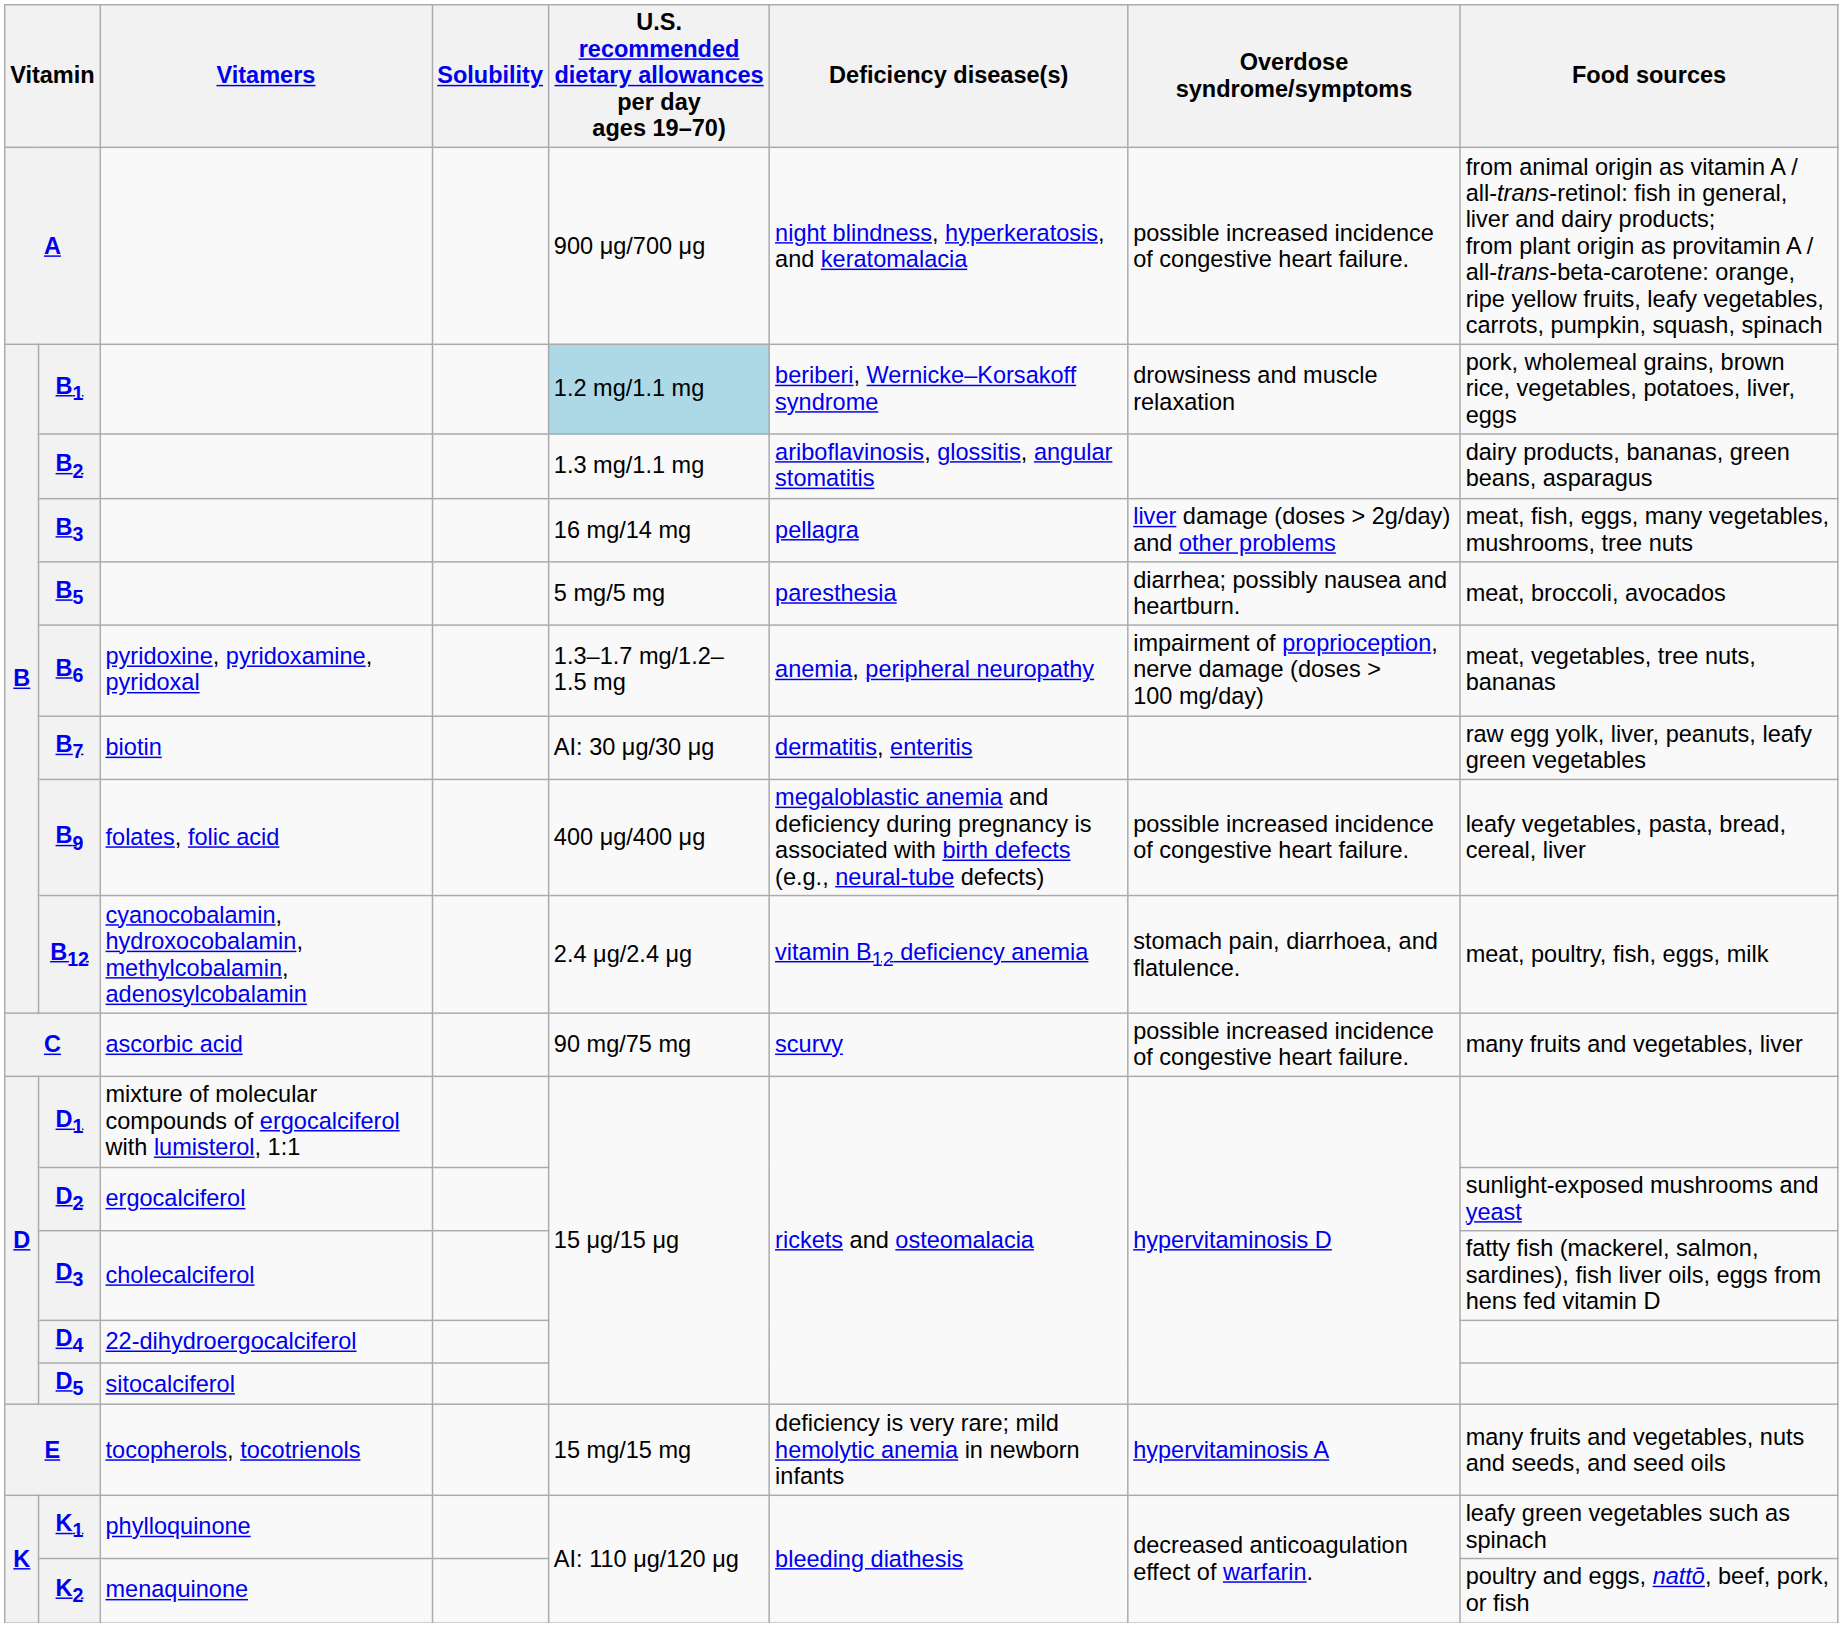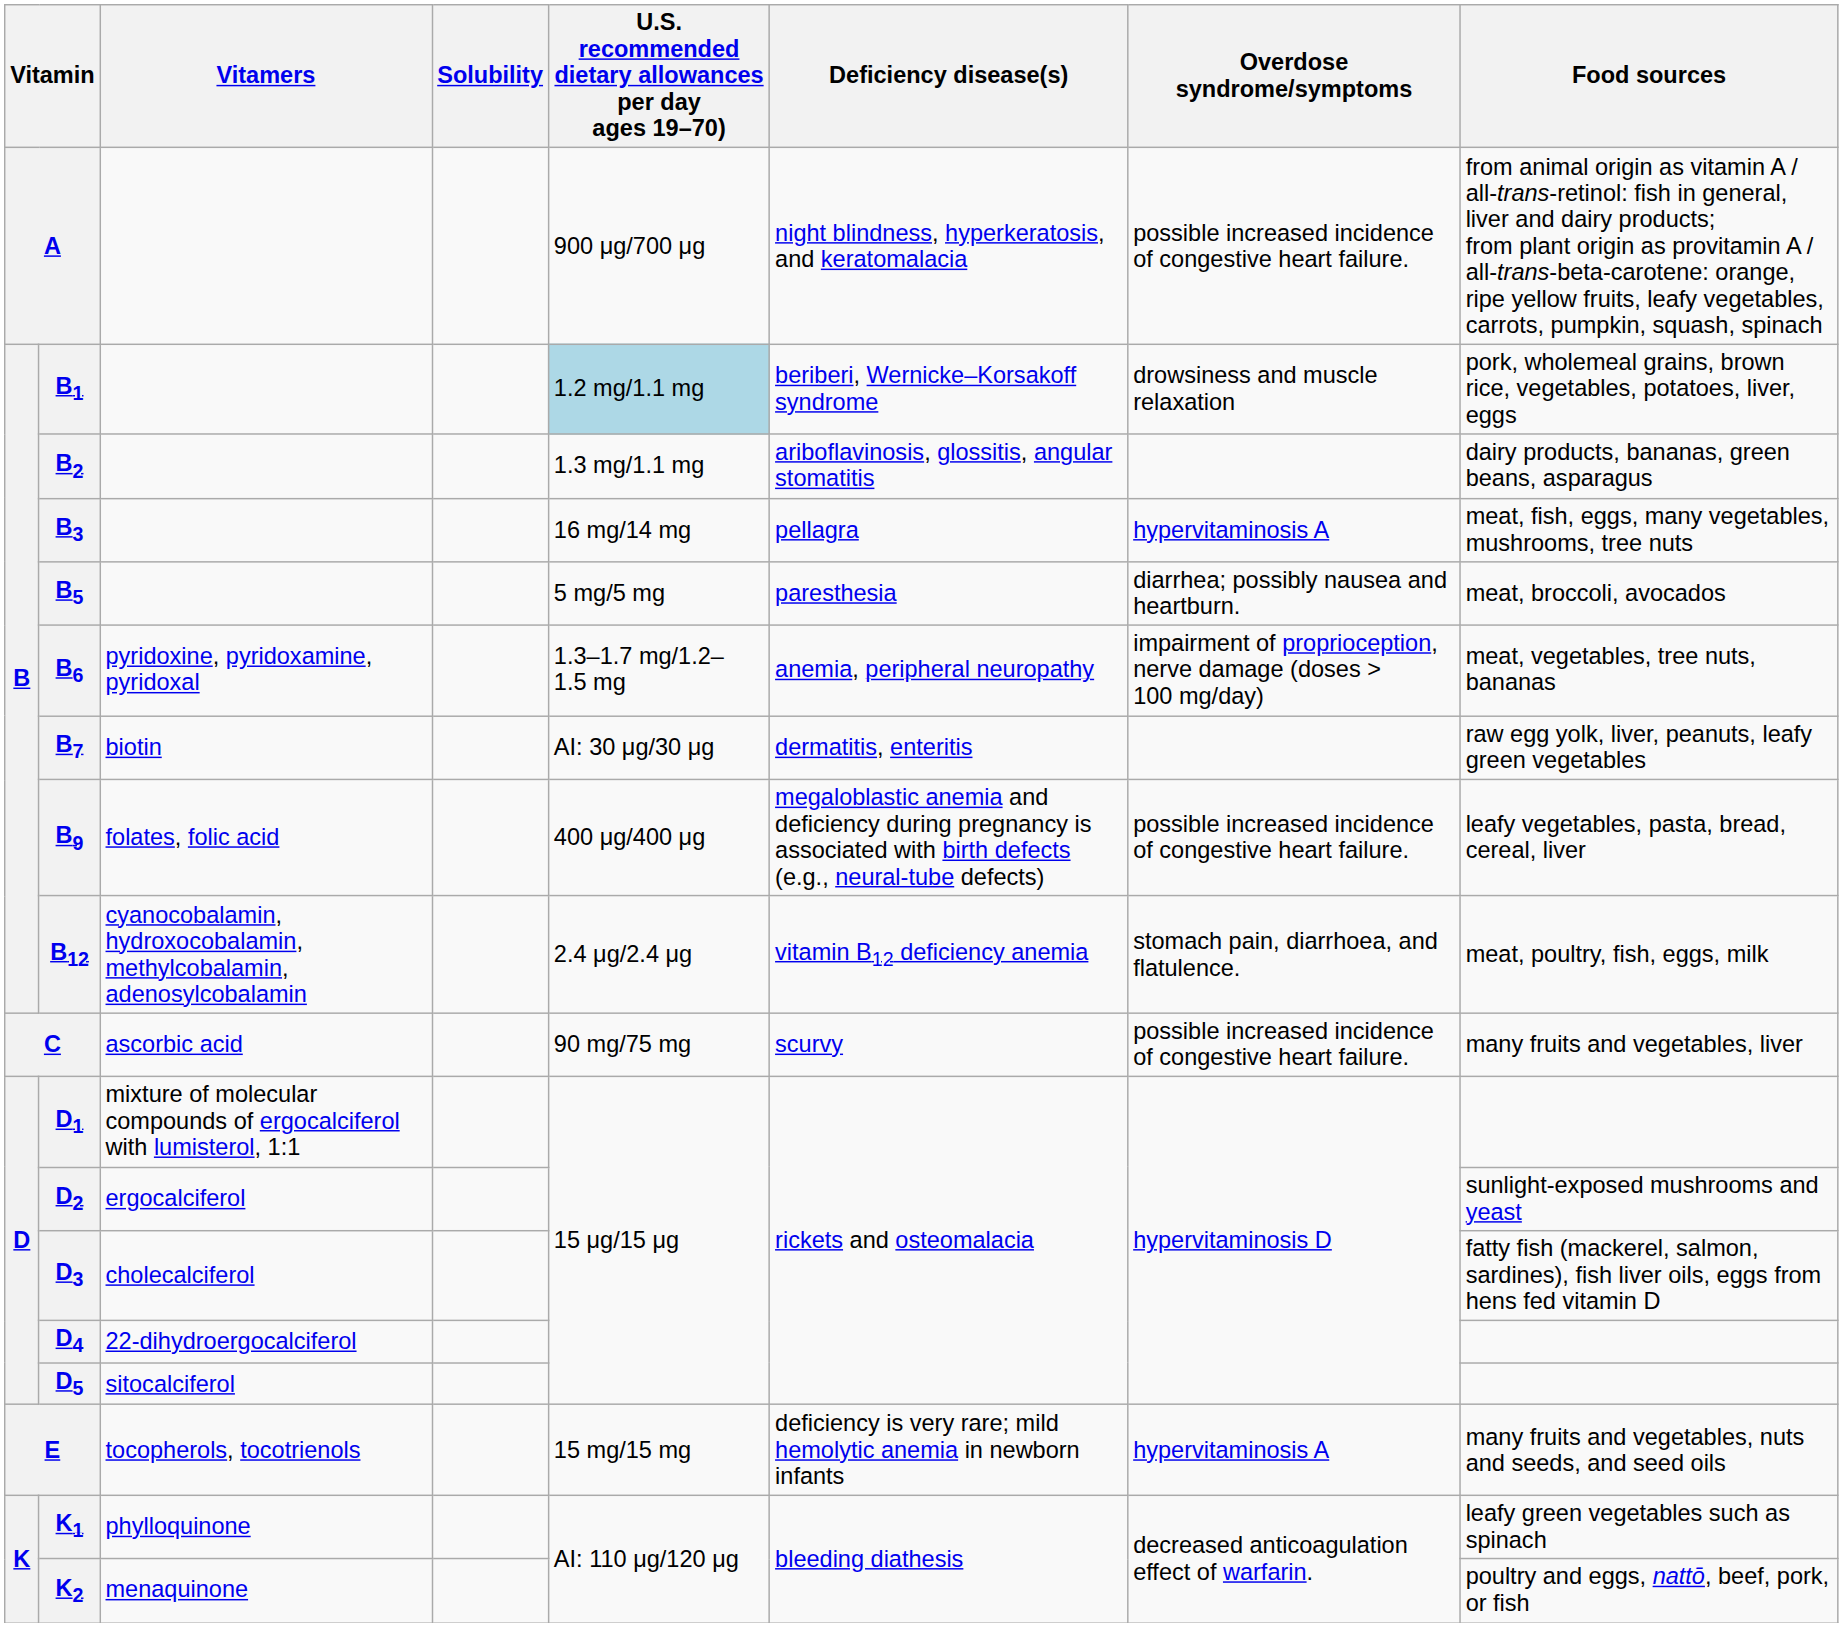 <table class="wikitable sortable col3center">
 <tr>
 <th colspan="2" scope="col">Vitamin</th>
 <th class="unsortable" scope="col"><a href='#'>Vitamers</a></th>
 <th scope="col"><a href='#'>Solubility</a></th>
 <th class="unsortable" scope="col">U.S. <a href='#'>recommended dietary allowances</a><br> per day<br> ages 19–70)</th>
 <th class="unsortable" scope="col">Deficiency disease(s)</th>
 <th class="unsortable" scope="col">Overdose syndrome/symptoms</th>
 <th class="unsortable" scope="col">Food sources</th>
 </tr>
 <tr>
 <th colspan="2" scope="row"><a href='#'>A</a></th>
 <td></td>
 <td></td>
 <td>900 μg/700 μg</td>
 <td><a href='#'>night blindness</a>, <a href='#'>hyperkeratosis</a>, and <a href='#'>keratomalacia</a></td>
 <td>possible increased incidence of congestive heart failure.</td>
 <td>from animal origin as vitamin A / all-<em>trans</em>-retinol: fish in general, liver and dairy products;<br>from plant origin as provitamin A / all-<em>trans</em>-beta-carotene: orange, ripe yellow fruits, leafy vegetables, carrots, pumpkin, squash, spinach</td>
 </tr>
 <tr>
 <th rowspan="8"><a href='#'>B</a></th>
 <th scope="row"><a href='#'>B<sub>1</sub></a></th>
 <td></td>
 <td></td>
 <td style="background: lightblue;">1.2 mg/1.1 mg</td>
 <td><a href='#'>beriberi</a>, <a href='#'>Wernicke–Korsakoff syndrome</a></td>
 <td>drowsiness and muscle relaxation</td>
 <td>pork, wholemeal grains, brown rice, vegetables, potatoes, liver, eggs</td>
 </tr>
 <tr>
 <th scope="row"><a href='#'>B<sub>2</sub></a></th>
 <td></td>
 <td></td>
 <td>1.3 mg/1.1 mg</td>
 <td><a href='#'>ariboflavinosis</a>, <a href='#'>glossitis</a>, <a href='#'>angular stomatitis</a></td>
 <td></td>
 <td>dairy products, bananas, green beans, asparagus</td>
 </tr>
 <tr>
 <th scope="row"><a href='#'>B<sub>3</sub></a></th>
 <td></td>
 <td></td>
 <td>16 mg/14 mg</td>
 <td><a href='#'>pellagra</a></td>
-<td><a href='#'>liver</a> damage (doses > 2g/day) and <a href='#'>other problems</a></td>
+<td><a href='#'>hypervitaminosis A</a></td>
 <td>meat, fish, eggs, many vegetables, mushrooms, tree nuts</td>
 </tr>
 <tr>
 <th scope="row"><a href='#'>B<sub>5</sub></a></th>
 <td></td>
 <td></td>
 <td>5 mg/5 mg</td>
 <td><a href='#'>paresthesia</a></td>
 <td>diarrhea; possibly nausea and heartburn.</td>
 <td>meat, broccoli, avocados</td>
 </tr>
 <tr>
 <th><a href='#'>B<sub>6</sub></a></th>
 <td><a href='#'>pyridoxine</a>, <a href='#'>pyridoxamine</a>, <a href='#'>pyridoxal</a></td>
 <td></td>
 <td>1.3–1.7 mg/1.2–1.5 mg</td>
 <td><a href='#'>anemia</a>, <a href='#'>peripheral neuropathy</a></td>
 <td>impairment of <a href='#'>proprioception</a>, nerve damage (doses > 100 mg/day)</td>
 <td>meat, vegetables, tree nuts, bananas</td>
 </tr>
 <tr>
 <th><a href='#'>B<sub>7</sub></a></th>
 <td><a href='#'>biotin</a></td>
 <td></td>
 <td>AI: 30 μg/30 μg</td>
 <td><a href='#'>dermatitis</a>, <a href='#'>enteritis</a></td>
 <td></td>
 <td>raw egg yolk, liver, peanuts, leafy green vegetables</td>
 </tr>
 <tr>
 <th><a href='#'>B<sub>9</sub></a></th>
 <td><a href='#'>folates</a>, <a href='#'>folic acid</a></td>
 <td></td>
 <td>400 μg/400 μg</td>
 <td style="text-align:left;"><a href='#'>megaloblastic anemia</a> and deficiency during pregnancy is associated with <a href='#'>birth defects</a> (e.g., <a href='#'>neural-tube</a> defects)</td>
 <td>possible increased incidence of congestive heart failure.</td>
 <td>leafy vegetables, pasta, bread, cereal, liver</td>
 </tr>
 <tr>
 <th><a href='#'>B<sub>12</sub></a></th>
 <td><a href='#'>cyanocobalamin</a>, <a href='#'>hydroxocobalamin</a>, <a href='#'>methylcobalamin</a>, <a href='#'>adenosylcobalamin</a></td>
 <td></td>
 <td>2.4 μg/2.4 μg</td>
 <td><a href='#'>vitamin B<sub>12</sub> deficiency anemia</a></td>
 <td>stomach pain, diarrhoea, and flatulence.</td>
 <td>meat, poultry, fish, eggs, milk</td>
 </tr>
 <tr>
 <th colspan="2"><a href='#'>C</a></th>
 <td><a href='#'>ascorbic acid</a></td>
 <td></td>
 <td>90 mg/75 mg</td>
 <td><a href='#'>scurvy</a></td>
 <td>possible increased incidence of congestive heart failure.</td>
 <td>many fruits and vegetables, liver</td>
 </tr>
 <tr>
 <th rowspan="5"><a href='#'>D</a></th>
 <th style="whitespace:nowrap;"><a href='#'>D<sub>1</sub></a></th>
 <td>mixture of molecular compounds of <a href='#'>ergocalciferol</a> with <a href='#'>lumisterol</a>, 1:1</td>
 <td></td>
 <td rowspan="5">15 μg/15 μg</td>
 <td rowspan="5"><a href='#'>rickets</a> and <a href='#'>osteomalacia</a></td>
 <td rowspan="5"><a href='#'>hypervitaminosis D</a></td>
 <td></td>
 </tr>
 <tr>
 <th><a href='#'>D<sub>2</sub></a></th>
 <td><a href='#'>ergocalciferol</a></td>
 <td></td>
 <td>sunlight-exposed mushrooms and <a href='#'>yeast</a></td>
 </tr>
 <tr>
 <th><a href='#'>D<sub>3</sub></a></th>
 <td><a href='#'>cholecalciferol</a></td>
 <td></td>
 <td>fatty fish (mackerel, salmon, sardines), fish liver oils, eggs from hens fed vitamin D</td>
 </tr>
 <tr>
 <th><a href='#'>D<sub>4</sub></a></th>
 <td><a href='#'>22-dihydroergocalciferol</a></td>
 <td></td>
 <td></td>
 </tr>
 <tr>
 <th><a href='#'>D<sub>5</sub></a></th>
 <td><a href='#'>sitocalciferol</a></td>
 <td></td>
 <td></td>
 </tr>
 <tr>
 <th colspan="2"><a href='#'>E</a></th>
 <td><a href='#'>tocopherols</a>, <a href='#'>tocotrienols</a></td>
 <td></td>
 <td>15 mg/15 mg</td>
 <td align="left">deficiency is very rare; mild <a href='#'>hemolytic anemia</a> in newborn infants</td>
 <td><a href='#'>hypervitaminosis A</a></td>
 <td>many fruits and vegetables, nuts and seeds, and seed oils</td>
 </tr>
 <tr>
 <th rowspan="2"><a href='#'>K</a></th>
 <th><a href='#'>K<sub>1</sub></a></th>
 <td><a href='#'>phylloquinone</a></td>
 <td></td>
 <td rowspan="2">AI: 110 μg/120 μg</td>
 <td rowspan="2"><a href='#'>bleeding diathesis</a></td>
 <td rowspan="2">decreased anticoagulation effect of <a href='#'>warfarin</a>.</td>
 <td>leafy green vegetables such as spinach</td>
 </tr>
 <tr>
 <th><a href='#'>K<sub>2</sub></a></th>
 <td><a href='#'>menaquinone</a></td>
 <td></td>
 <td>poultry and eggs, <em><a href='#'>nattō</a></em>, beef, pork, or fish</td>
 </tr>
 </table>
